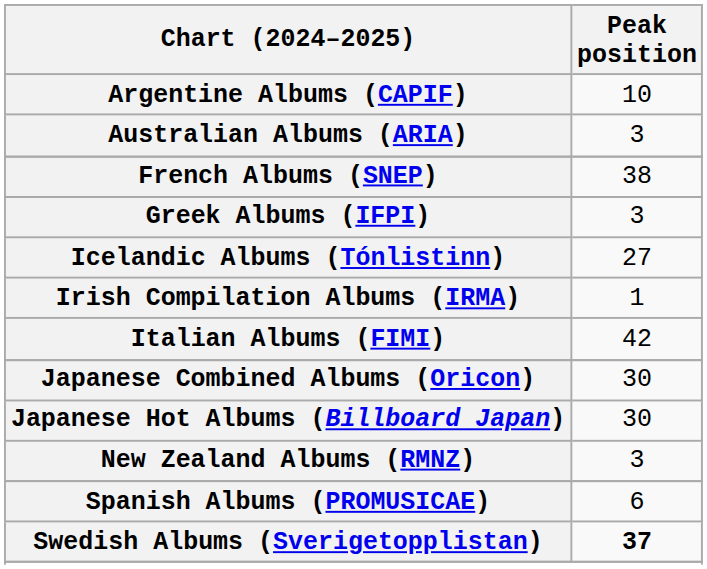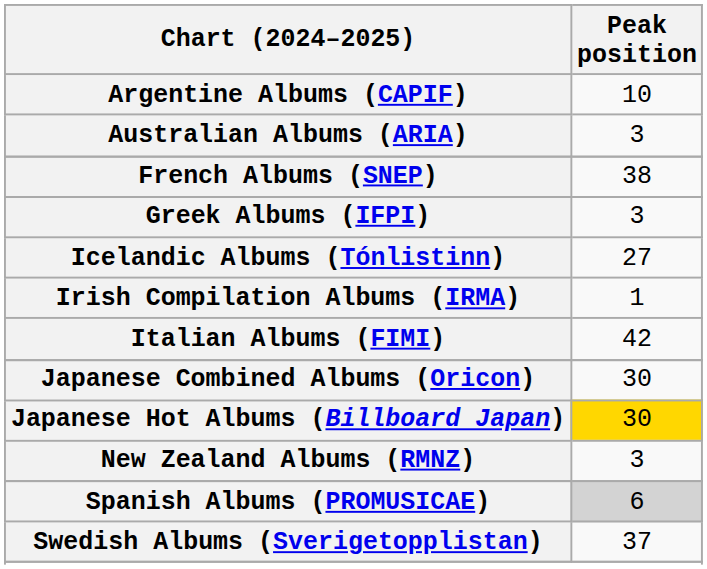 <table class="wikitable sortable plainrowheaders" style="text-align:center">
 <tr>
 <th scope="col">Chart (2024–2025)</th>
 <th scope="col">Peak<br>position</th>
 </tr>
 <tr>
 <th scope="row">Argentine Albums (<a href='#'>CAPIF</a>)</th>
 <td>10</td>
 </tr>
 <tr>
 <th scope="row">Australian Albums (<a href='#'>ARIA</a>)</th>
 <td>3</td>
 </tr>
 <tr>
 </tr>
 <tr>
 </tr>
 <tr>
 </tr>
 <tr>
 </tr>
 <tr>
 </tr>
 <tr>
 <th scope="row">French Albums (<a href='#'>SNEP</a>)</th>
 <td>38</td>
 </tr>
 <tr>
 </tr>
 <tr>
 <th scope="row">Greek Albums (<a href='#'>IFPI</a>)</th>
 <td>3</td>
 </tr>
 <tr>
 <th scope="row">Icelandic Albums (<a href='#'>Tónlistinn</a>)</th>
 <td>27</td>
 </tr>
 <tr>
 <th scope="row">Irish Compilation Albums (<a href='#'>IRMA</a>)</th>
 <td>1</td>
 </tr>
 <tr>
 <th scope="row">Italian Albums (<a href='#'>FIMI</a>)</th>
 <td>42</td>
 </tr>
 <tr>
 </tr>
 <tr>
 <th scope="row">Japanese Combined Albums (<a href='#'>Oricon</a>)</th>
 <td>30</td>
 </tr>
 <tr>
 <th scope="row">Japanese Hot Albums (<em><a href='#'>Billboard Japan</a></em>)</th>
-<td>30</td>
+<td style="background: gold;">30</td>
 </tr>
 <tr>
 <th scope="row">New Zealand Albums (<a href='#'>RMNZ</a>)</th>
 <td>3</td>
 </tr>
 <tr>
 </tr>
 <tr>
 </tr>
 <tr>
 <th scope="row">Spanish Albums (<a href='#'>PROMUSICAE</a>)</th>
-<td>6</td>
+<td style="background: lightgrey;">6</td>
 </tr>
 <tr>
 <th scope="row">Swedish Albums (<a href='#'>Sverigetopplistan</a>)</th>
-<td><strong>37</strong></td>
+<td>37</td>
 </tr>
 <tr>
 </tr>
 <tr>
 </tr>
 <tr>
 </tr>
 <tr>
 </tr>
 <tr>
 </tr>
 </table>
